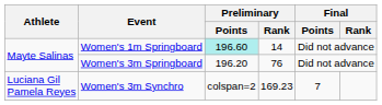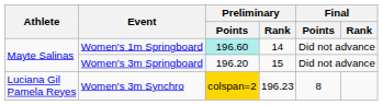 <table class=wikitable style="font-size:90%">
 <tr>
 <th rowspan="2">Athlete</th>
 <th rowspan="2">Event</th>
 <th colspan="2">Preliminary</th>
 <th colspan="2">Final</th>
 </tr>
 <tr>
 <th>Points</th>
 <th>Rank</th>
 <th>Points</th>
 <th>Rank</th>
 </tr>
 <tr align=center>
 <td align=left rowspan=2><a href='#'>Mayte Salinas</a></td>
 <td align=left><a href='#'>Women's 1m Springboard</a></td>
 <td style="background: paleturquoise;">196.60</td>
 <td>14</td>
 <td colspan=2>Did not advance</td>
 </tr>
 <tr align=center>
 <td align=left><a href='#'>Women's 3m Springboard</a></td>
 <td>196.20</td>
-<td>76</td>
+<td>15</td>
 <td colspan=2>Did not advance</td>
 </tr>
 <tr align=center>
 <td align=left><a href='#'>Luciana Gil</a><br><a href='#'>Pamela Reyes</a></td>
 <td align=left><a href='#'>Women's 3m Synchro</a></td>
-<td>colspan=2 </td>
-<td>169.23</td>
-<td>7</td>
+<td style="background: gold;">colspan=2 </td>
+<td>196.23</td>
+<td>8</td>
 </tr>
 </table>
